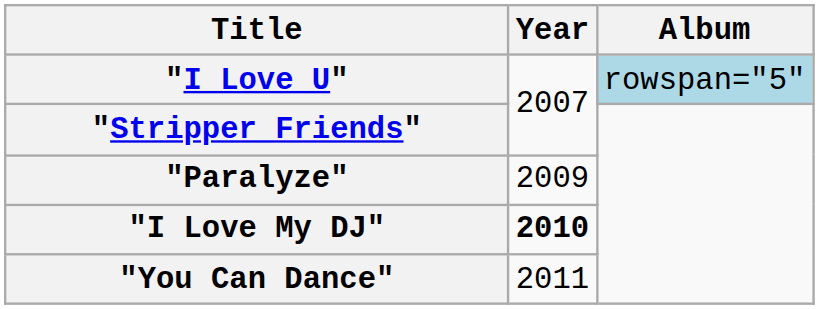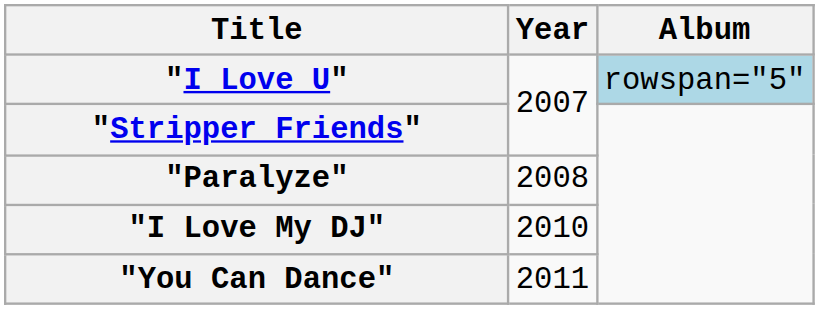 <table class="wikitable plainrowheaders" style="text-align:center;">
 <tr>
 <th scope="col" style="width:16em;">Title</th>
 <th scope="col">Year</th>
 <th scope="col">Album</th>
 </tr>
 <tr>
 <th scope="row">"<a href='#'>I Love U</a>"</th>
 <td rowspan="2">2007</td>
 <td style="background: lightblue;">rowspan="5" </td>
 </tr>
 <tr>
 <th scope="row">"<a href='#'>Stripper Friends</a>"</th>
 </tr>
 <tr>
 <th scope="row">"Paralyze"</th>
-<td>2009</td>
+<td>2008</td>
 </tr>
 <tr>
 <th scope="row">"I Love My DJ"</th>
-<td><strong>2010</strong></td>
+<td>2010</td>
 </tr>
 <tr>
 <th scope="row">"You Can Dance"</th>
 <td>2011</td>
 </tr>
 </table>
